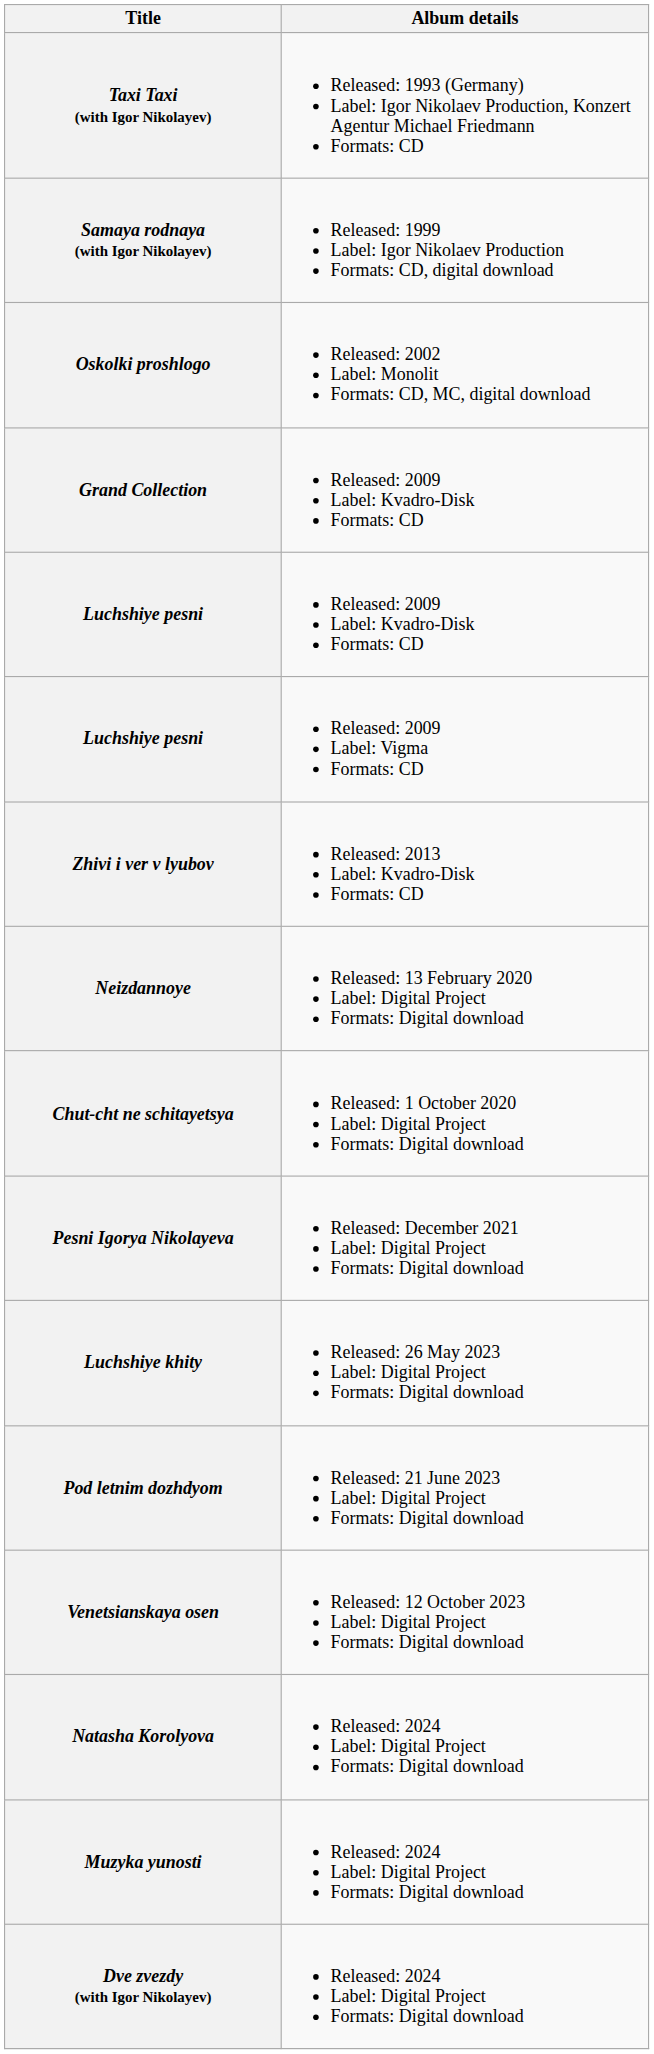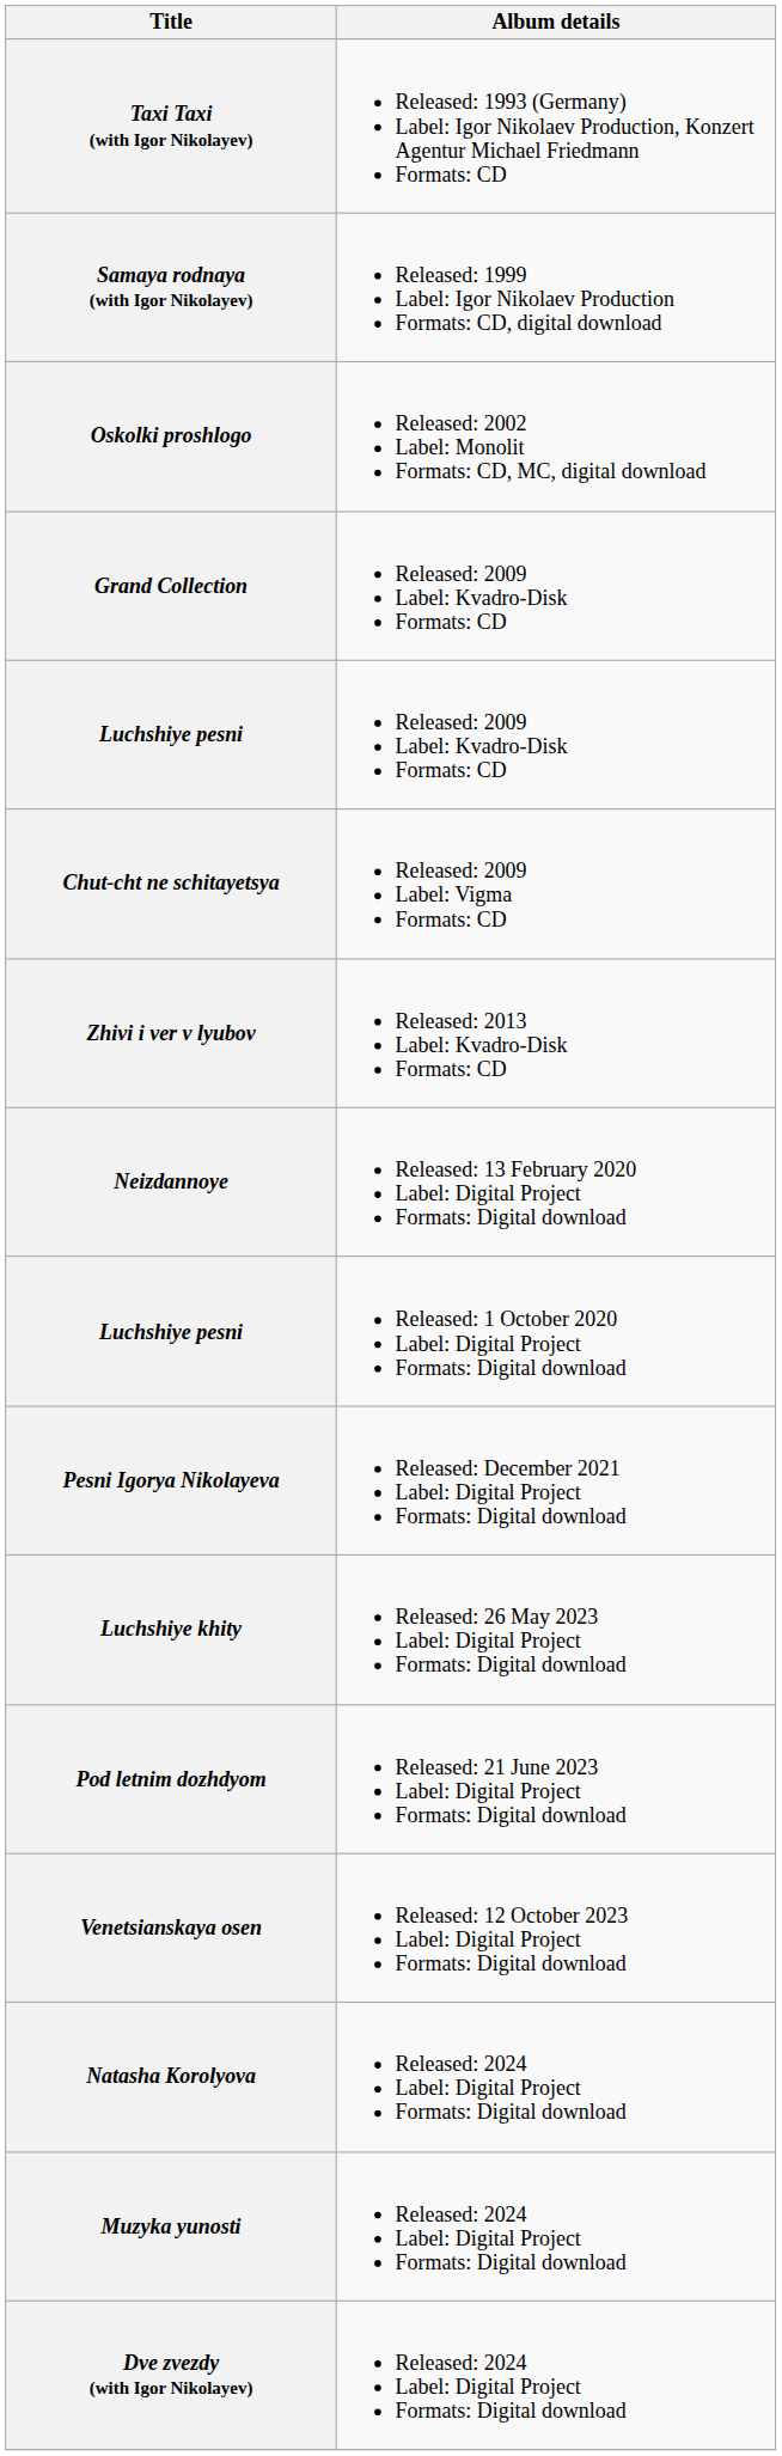 <table class="wikitable plainrowheaders" style="text-align:center;">
 <tr>
 <th style="width:15em;">Title</th>
 <th style="width:20em;">Album details</th>
 </tr>
 <tr>
 <th scope="row"><em>Taxi Taxi</em><br> <small>(with Igor Nikolayev)</small></th>
 <td align="left"><br><ul><li>Released: 1993 (Germany)</li><li>Label: Igor Nikolaev Production, Konzert Agentur Michael Friedmann</li><li>Formats: CD</li></ul></td>
 </tr>
 <tr>
 <th scope="row"><em>Samaya rodnaya</em><br> <small>(with Igor Nikolayev)</small></th>
 <td align="left"><br><ul><li>Released: 1999</li><li>Label: Igor Nikolaev Production</li><li>Formats: CD, digital download</li></ul></td>
 </tr>
 <tr>
 <th scope="row"><em>Oskolki proshlogo</em></th>
 <td align="left"><br><ul><li>Released: 2002</li><li>Label: Monolit</li><li>Formats: CD, MC, digital download</li></ul></td>
 </tr>
 <tr>
 <th scope="row"><em>Grand Collection</em></th>
 <td align="left"><br><ul><li>Released: 2009</li><li>Label: Kvadro-Disk</li><li>Formats: CD</li></ul></td>
 </tr>
 <tr>
 <th scope="row"><em>Luchshiye pesni</em></th>
 <td align="left"><br><ul><li>Released: 2009</li><li>Label: Kvadro-Disk</li><li>Formats: CD</li></ul></td>
 </tr>
 <tr>
-<th scope="row"><em>Luchshiye pesni</em></th>
+<th scope="row"><em>Chut-cht ne schitayetsya</em></th>
 <td align="left"><br><ul><li>Released: 2009</li><li>Label: Vigma</li><li>Formats: CD</li></ul></td>
 </tr>
 <tr>
 <th scope="row"><em>Zhivi i ver v lyubov</em></th>
 <td align="left"><br><ul><li>Released: 2013</li><li>Label: Kvadro-Disk</li><li>Formats: CD</li></ul></td>
 </tr>
 <tr>
 <th scope="row"><em>Neizdannoye</em></th>
 <td align="left"><br><ul><li>Released: 13 February 2020</li><li>Label: Digital Project</li><li>Formats: Digital download</li></ul></td>
 </tr>
 <tr>
-<th scope="row"><em>Chut-cht ne schitayetsya</em></th>
+<th scope="row"><em>Luchshiye pesni</em></th>
 <td align="left"><br><ul><li>Released: 1 October 2020</li><li>Label: Digital Project</li><li>Formats: Digital download</li></ul></td>
 </tr>
 <tr>
 <th scope="row"><em>Pesni Igorya Nikolayeva</em></th>
 <td align="left"><br><ul><li>Released: December 2021</li><li>Label: Digital Project</li><li>Formats: Digital download</li></ul></td>
 </tr>
 <tr>
 <th scope="row"><em>Luchshiye khity</em></th>
 <td align="left"><br><ul><li>Released: 26 May 2023</li><li>Label: Digital Project</li><li>Formats: Digital download</li></ul></td>
 </tr>
 <tr>
 <th scope="row"><em>Pod letnim dozhdyom</em></th>
 <td align="left"><br><ul><li>Released: 21 June 2023</li><li>Label: Digital Project</li><li>Formats: Digital download</li></ul></td>
 </tr>
 <tr>
 <th scope="row"><em>Venetsianskaya osen</em></th>
 <td align="left"><br><ul><li>Released: 12 October 2023</li><li>Label: Digital Project</li><li>Formats: Digital download</li></ul></td>
 </tr>
 <tr>
 <th scope="row"><em>Natasha Korolyova</em></th>
 <td align="left"><br><ul><li>Released: 2024</li><li>Label: Digital Project</li><li>Formats: Digital download</li></ul></td>
 </tr>
 <tr>
 <th scope="row"><em>Muzyka yunosti</em></th>
 <td align="left"><br><ul><li>Released: 2024</li><li>Label: Digital Project</li><li>Formats: Digital download</li></ul></td>
 </tr>
 <tr>
 <th scope="row"><em>Dve zvezdy</em><br> <small>(with Igor Nikolayev)</small></th>
 <td align="left"><br><ul><li>Released: 2024</li><li>Label: Digital Project</li><li>Formats: Digital download</li></ul></td>
 </tr>
 <tr>
 </tr>
 </table>
